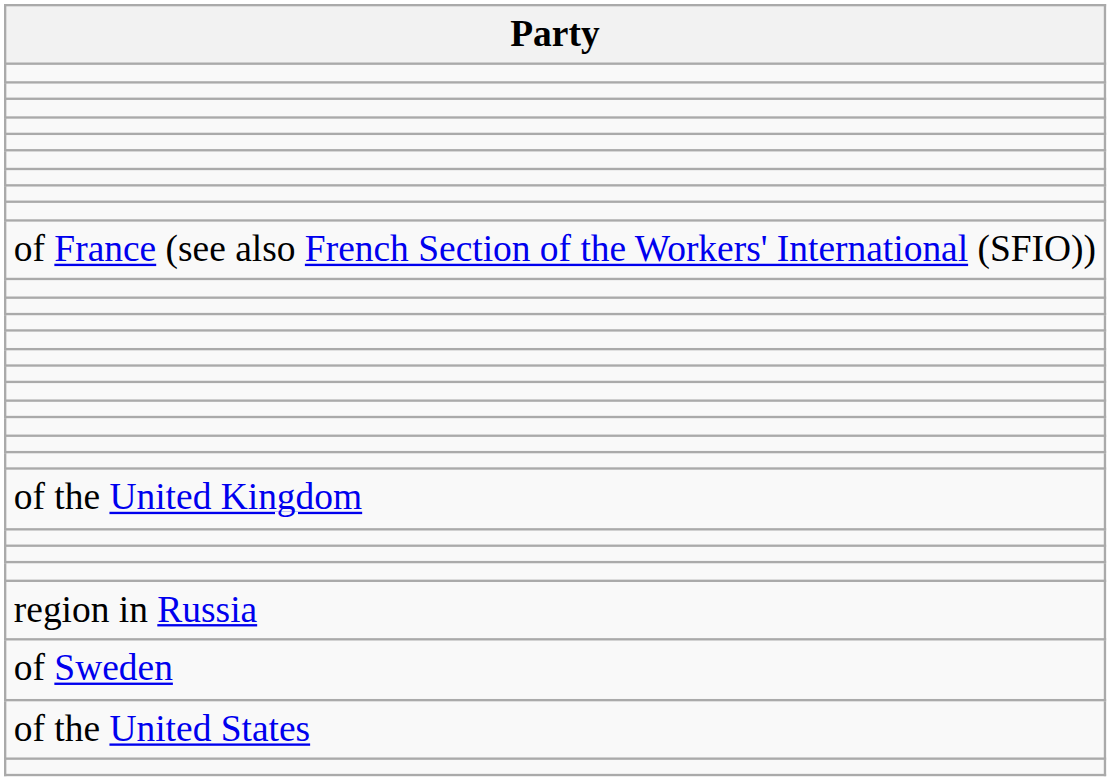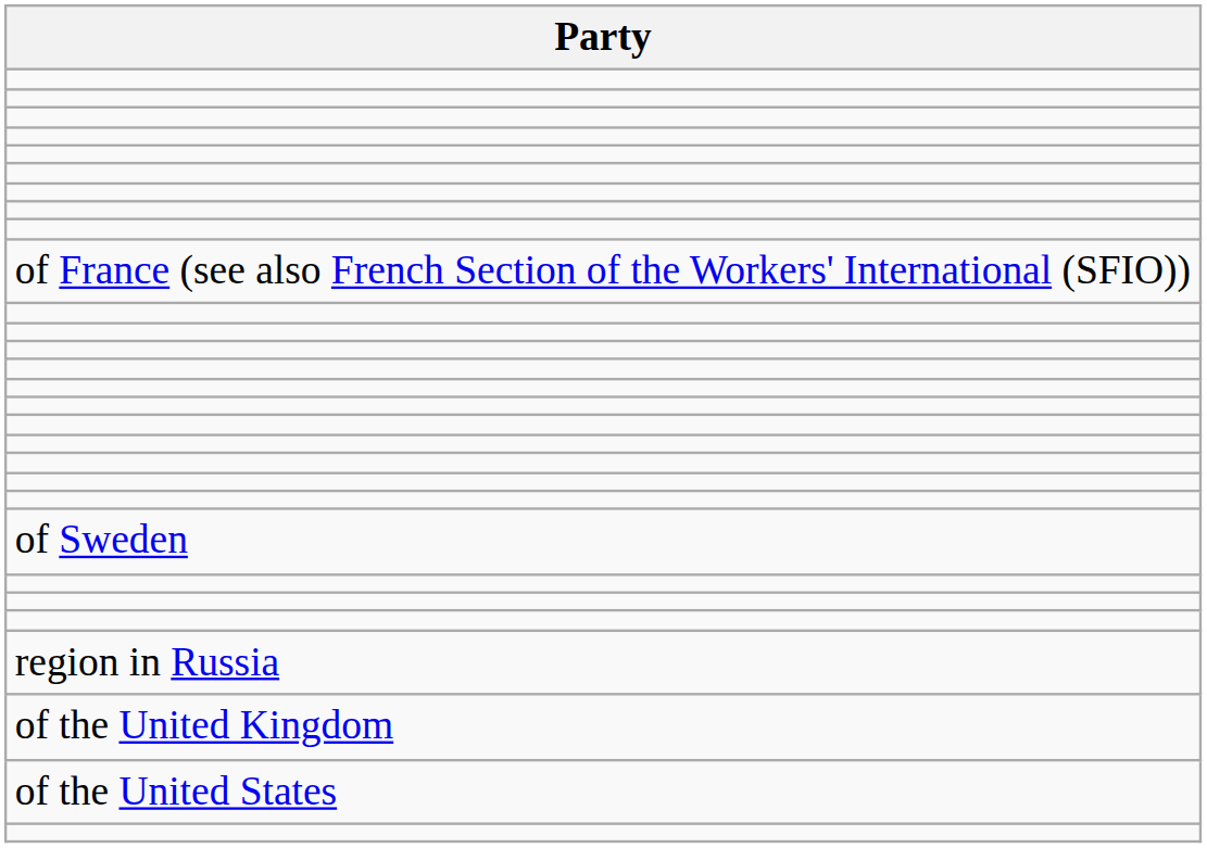 <table class="wikitable">
 <tr>
 <th colspan="2">Party</th>
 </tr>
 <tr>
 <td></td>
 </tr>
 <tr>
 <td></td>
 </tr>
 <tr>
 <td></td>
 </tr>
 <tr>
 <td></td>
 </tr>
 <tr>
 <td></td>
 </tr>
 <tr>
 <td></td>
 </tr>
 <tr>
 <td></td>
 </tr>
 <tr>
 <td></td>
 </tr>
 <tr>
 <td></td>
 </tr>
 <tr>
 <td> of <a href='#'>France</a> (see also <a href='#'>French Section of the Workers' International</a> (SFIO))</td>
 </tr>
 <tr>
 <td></td>
 </tr>
 <tr>
 <td></td>
 </tr>
 <tr>
 <td></td>
 </tr>
 <tr>
 <td></td>
 </tr>
 <tr>
 <td></td>
 </tr>
 <tr>
 <td></td>
 </tr>
 <tr>
 <td></td>
 </tr>
 <tr>
 <td></td>
 </tr>
 <tr>
 <td></td>
 </tr>
 <tr>
 <td></td>
 </tr>
 <tr>
 <td></td>
 </tr>
 <tr>
-<td> of the <a href='#'>United Kingdom</a></td>
+<td> of <a href='#'>Sweden</a></td>
 </tr>
 <tr>
 <td></td>
 </tr>
 <tr>
 <td></td>
 </tr>
 <tr>
 <td></td>
 </tr>
 <tr>
 <td> region in <a href='#'>Russia</a></td>
 </tr>
 <tr>
-<td> of <a href='#'>Sweden</a></td>
+<td> of the <a href='#'>United Kingdom</a></td>
 </tr>
 <tr>
 <td> of the <a href='#'>United States</a></td>
 </tr>
 <tr>
 <td></td>
 </tr>
 </table>
